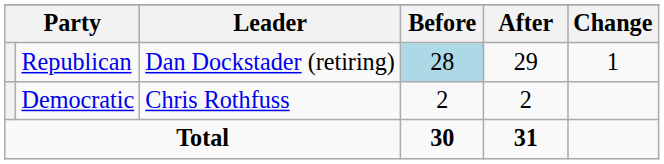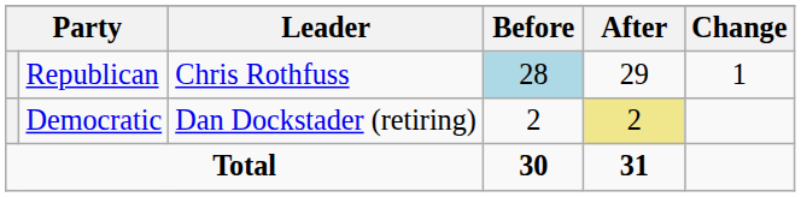 <table class="wikitable" style="text-align:center;">
 <tr>
 </tr>
 <tr>
 <th colspan=2>Party</th>
 <th>Leader</th>
 <th style="width:3em">Before</th>
 <th style="width:3em">After</th>
 <th style="width:3em">Change</th>
 </tr>
 <tr>
 <th style="background-color:"></th>
 <td style="text-align:left;"><a href='#'>Republican</a></td>
-<td style="text-align:left;"><a href='#'>Dan Dockstader</a> (retiring)</td>
+<td style="text-align:left;"><a href='#'>Chris Rothfuss</a></td>
 <td style="background: lightblue;">28</td>
 <td>29</td>
 <td> 1</td>
 </tr>
 <tr>
 <th style="background-color:"></th>
 <td style="text-align:left;"><a href='#'>Democratic</a></td>
-<td style="text-align:left;"><a href='#'>Chris Rothfuss</a></td>
+<td style="text-align:left;"><a href='#'>Dan Dockstader</a> (retiring)</td>
 <td>2</td>
-<td>2</td>
+<td style="background: khaki;">2</td>
 <td></td>
 </tr>
 <tr>
 <td colspan=3><strong>Total</strong></td>
 <td><strong>30</strong></td>
 <td><strong>31</strong></td>
 <td></td>
 </tr>
 </table>
